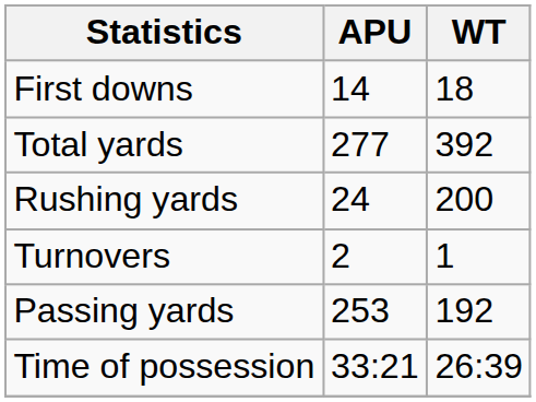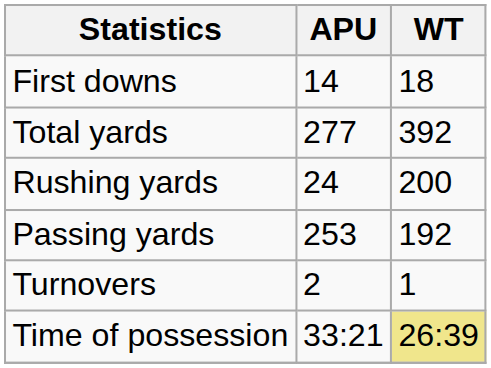 <table class="wikitable">
 <tr>
 <th>Statistics</th>
 <th>APU</th>
 <th>WT</th>
 </tr>
 <tr>
 <td>First downs</td>
 <td>14</td>
 <td>18</td>
 </tr>
 <tr>
 <td>Total yards</td>
 <td>277</td>
 <td>392</td>
 </tr>
 <tr>
 <td>Rushing yards</td>
 <td>24</td>
 <td>200</td>
 </tr>
 <tr>
+<td>Passing yards</td>
+<td>253</td>
+<td>192</td>
+</tr>
+<tr>
 <td>Turnovers</td>
 <td>2</td>
 <td>1</td>
 </tr>
 <tr>
-<td>Passing yards</td>
-<td>253</td>
-<td>192</td>
-</tr>
-<tr>
 <td>Time of possession</td>
 <td>33:21</td>
-<td>26:39</td>
+<td style="background: khaki;">26:39</td>
 </tr>
 <tr>
 </tr>
 </table>
